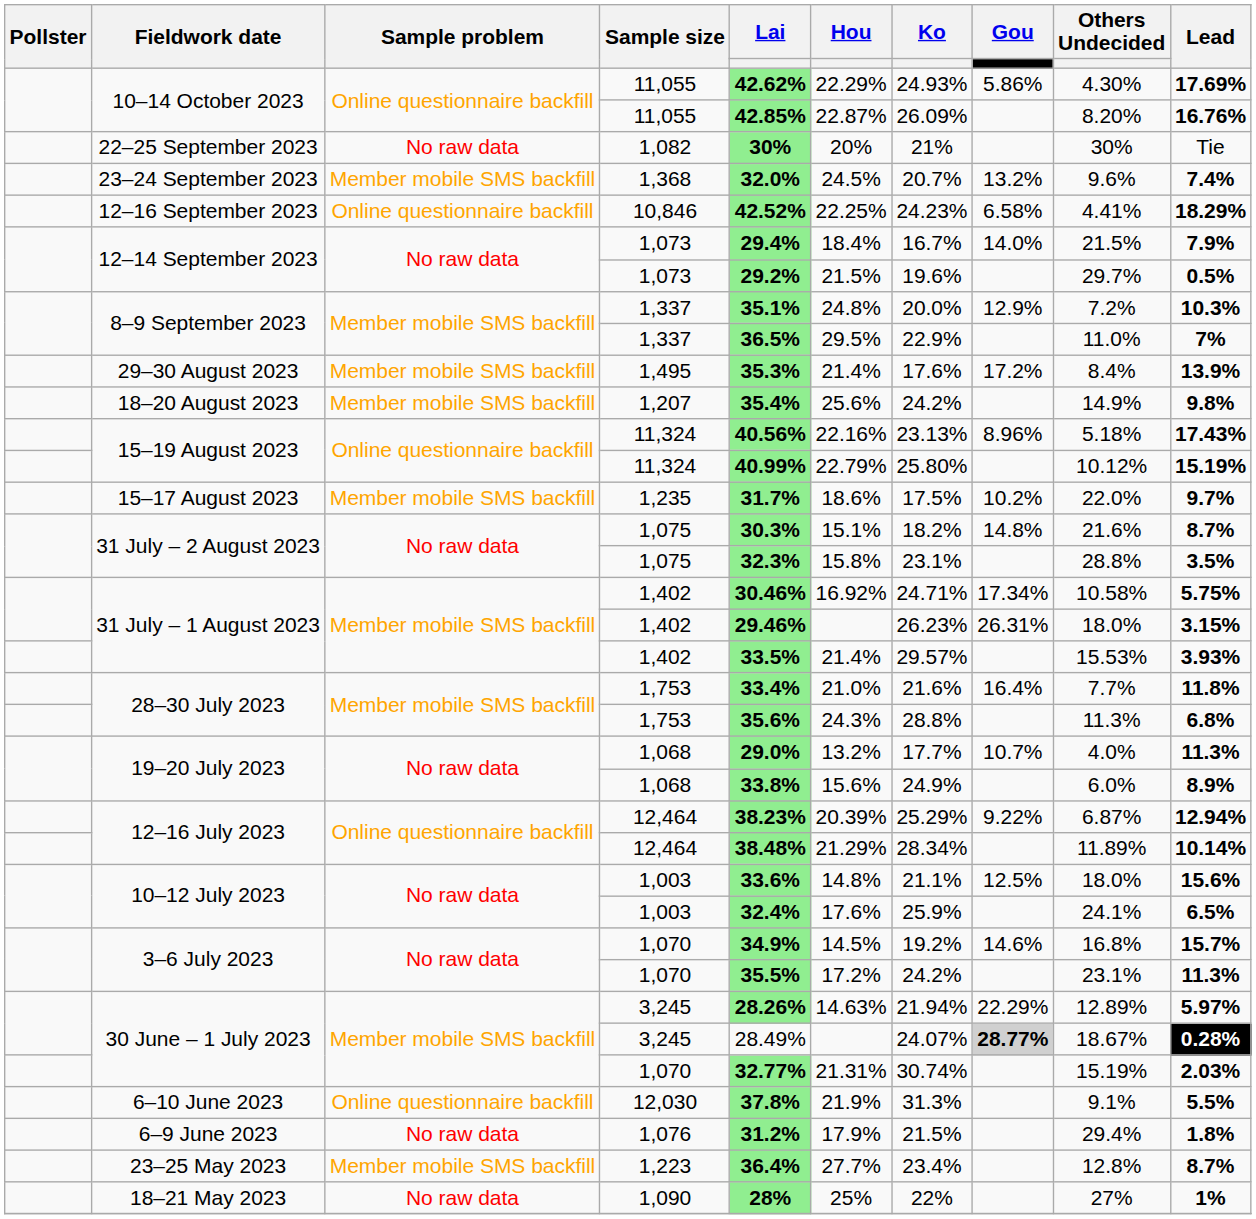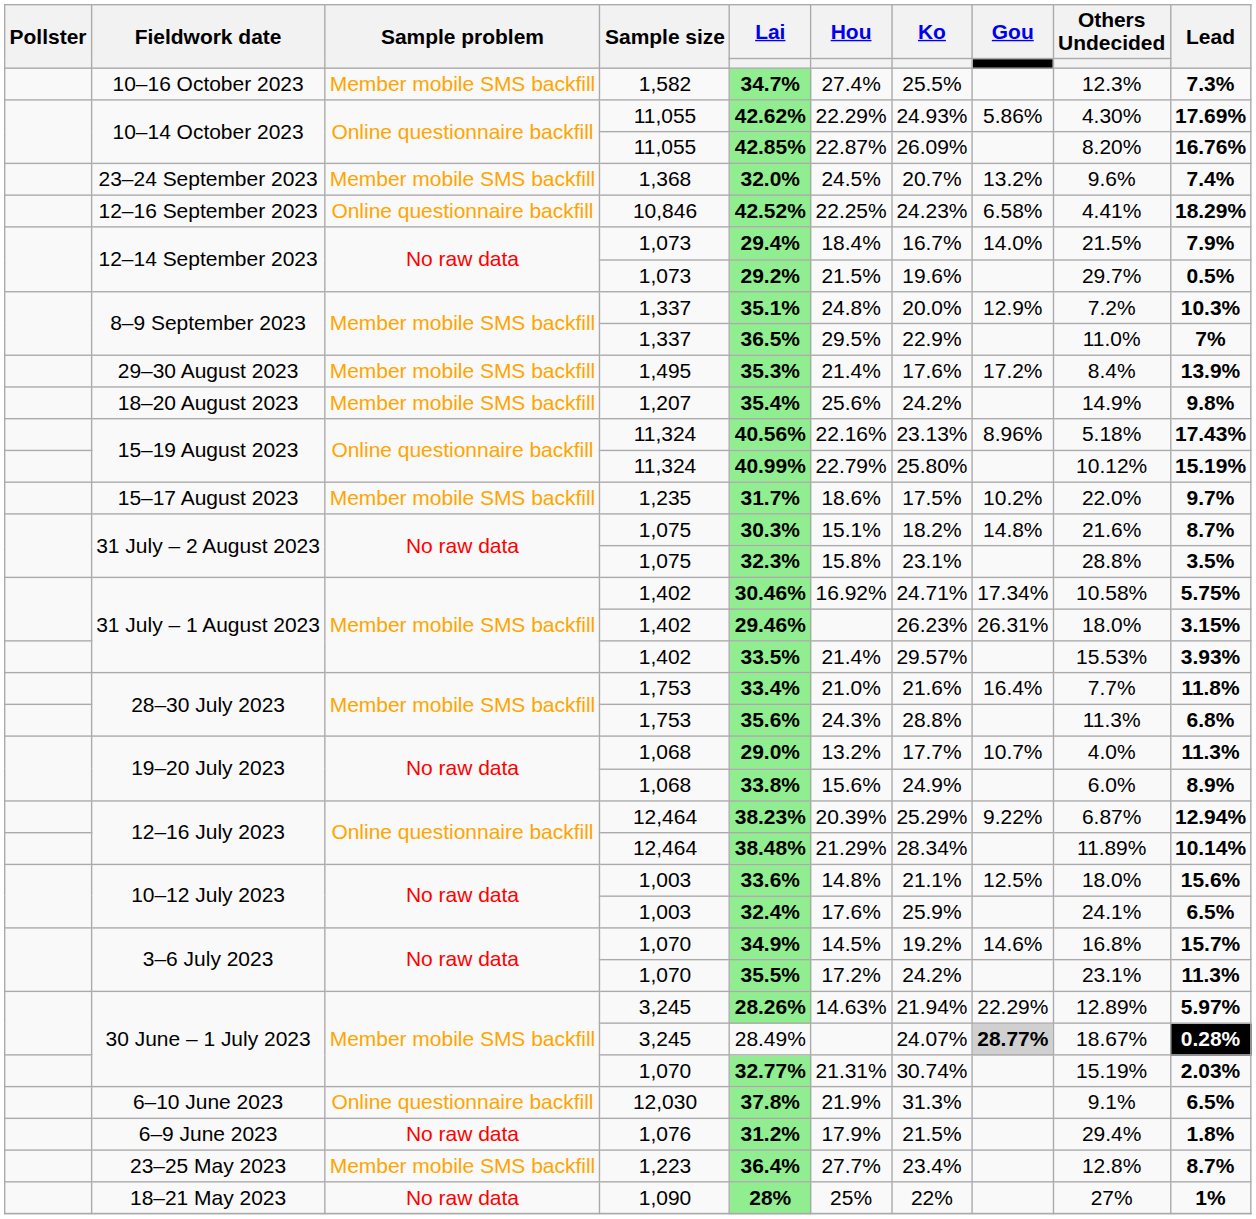 <table class="wikitable" style="text-align:center; font-size:95%; line-height:16px;">
 <tr>
 <th rowspan="2">Pollster</th>
 <th rowspan="2">Fieldwork date</th>
 <th rowspan="2">Sample problem</th>
 <th rowspan="2">Sample size</th>
 <th><a href='#'>Lai</a><br></th>
 <th><a href='#'>Hou</a><br></th>
 <th><a href='#'>Ko</a><br></th>
 <th><a href='#'>Gou</a><br></th>
 <th>Others<br>Undecided</th>
 <th rowspan="2">Lead</th>
 </tr>
 <tr>
 <th style="background:"></th>
 <th style="background:"></th>
 <th style="background:"></th>
 <th style="background:#000000"></th>
 <th style="background:"></th>
 </tr>
 <tr>
+<td></td>
+<td>10–16 October 2023</td>
+<td style="color:orange"align="center">Member mobile SMS backfill</td>
+<td>1,582</td>
+<td style="background:#90ee90;"><strong>34.7%</strong></td>
+<td>27.4%</td>
+<td>25.5%</td>
+<td></td>
+<td>12.3%</td>
+<td style="background:"><strong>7.3%</strong></td>
+</tr>
+<tr>
 <td rowspan="2"></td>
 <td rowspan="2">10–14 October 2023</td>
 <td rowspan="2" style="color:orange"align="center">Online questionnaire backfill</td>
 <td>11,055</td>
 <td style="background:#90ee90;"><strong>42.62%</strong></td>
 <td>22.29%</td>
 <td>24.93%</td>
 <td>5.86%</td>
 <td>4.30%</td>
 <td style="background:"><strong>17.69%</strong></td>
 </tr>
 <tr>
 <td>11,055</td>
 <td style="background:#90ee90;"><strong>42.85%</strong></td>
 <td>22.87%</td>
 <td>26.09%</td>
 <td></td>
 <td>8.20%</td>
 <td style="background:"><strong>16.76%</strong></td>
-</tr>
-<tr>
-<td></td>
-<td>22–25 September 2023</td>
-<td style="color:red"align="center">No raw data</td>
-<td>1,082</td>
-<td style="background:#90ee90;"><strong>30%</strong></td>
-<td>20%</td>
-<td>21%</td>
-<td></td>
-<td>30%</td>
-<td>Tie</td>
 </tr>
 <tr>
 <td></td>
 <td>23–24 September 2023</td>
 <td style="color:orange"align="center">Member mobile SMS backfill</td>
 <td>1,368</td>
 <td style="background:#90ee90;"><strong>32.0%</strong></td>
 <td>24.5%</td>
 <td>20.7%</td>
 <td>13.2%</td>
 <td>9.6%</td>
 <td style="background:"><strong>7.4%</strong></td>
 </tr>
 <tr>
 <td></td>
 <td>12–16 September 2023</td>
 <td style="color:orange"align="center">Online questionnaire backfill</td>
 <td>10,846</td>
 <td style="background:#90ee90;"><strong>42.52%</strong></td>
 <td>22.25%</td>
 <td>24.23%</td>
 <td>6.58%</td>
 <td>4.41%</td>
 <td style="background:"><strong>18.29%</strong></td>
 </tr>
 <tr>
 <td rowspan="2"></td>
 <td rowspan="2">12–14 September 2023</td>
 <td rowspan="2" style="color:red"align="center">No raw data</td>
 <td>1,073</td>
 <td style="background:#90ee90;"><strong>29.4%</strong></td>
 <td>18.4%</td>
 <td>16.7%</td>
 <td>14.0%</td>
 <td>21.5%</td>
 <td style="background:"><strong>7.9%</strong></td>
 </tr>
 <tr>
 <td>1,073</td>
 <td style="background:#90ee90;"><strong>29.2%</strong></td>
 <td>21.5%</td>
 <td>19.6%</td>
 <td></td>
 <td>29.7%</td>
 <td style="background:"><strong>0.5%</strong></td>
 </tr>
 <tr>
 <td rowspan="2"></td>
 <td rowspan="2">8–9 September 2023</td>
 <td rowspan="2" style="color:orange"align="center">Member mobile SMS backfill</td>
 <td>1,337</td>
 <td style="background:#90ee90;"><strong>35.1%</strong></td>
 <td>24.8%</td>
 <td>20.0%</td>
 <td>12.9%</td>
 <td>7.2%</td>
 <td style="background:"><strong>10.3%</strong></td>
 </tr>
 <tr>
 <td>1,337</td>
 <td style="background:#90ee90;"><strong>36.5%</strong></td>
 <td>29.5%</td>
 <td>22.9%</td>
 <td></td>
 <td>11.0%</td>
 <td style="background:"><strong>7%</strong></td>
 </tr>
 <tr>
 <td></td>
 <td>29–30 August 2023</td>
 <td style="color:orange"align="center">Member mobile SMS backfill</td>
 <td>1,495</td>
 <td style="background:#90ee90;"><strong>35.3%</strong></td>
 <td>21.4%</td>
 <td>17.6%</td>
 <td>17.2%</td>
 <td>8.4%</td>
 <td style="background:"><strong>13.9%</strong></td>
 </tr>
 <tr>
 <td></td>
 <td>18–20 August 2023</td>
 <td style="color:orange"align="center">Member mobile SMS backfill</td>
 <td>1,207</td>
 <td style="background:#90ee90;"><strong>35.4%</strong></td>
 <td>25.6%</td>
 <td>24.2%</td>
 <td></td>
 <td>14.9%</td>
 <td style="background:"><strong>9.8%</strong></td>
 </tr>
 <tr>
 <td></td>
 <td rowspan="2">15–19 August 2023</td>
 <td rowspan="2" style="color:orange"align="center">Online questionnaire backfill</td>
 <td>11,324</td>
 <td style="background:#90ee90;"><strong>40.56%</strong></td>
 <td>22.16%</td>
 <td>23.13%</td>
 <td>8.96%</td>
 <td>5.18%</td>
 <td style="background:"><strong>17.43%</strong></td>
 </tr>
 <tr>
 <td></td>
 <td>11,324</td>
 <td style="background:#90ee90;"><strong>40.99%</strong></td>
 <td>22.79%</td>
 <td>25.80%</td>
 <td></td>
 <td>10.12%</td>
 <td style="background:"><strong>15.19%</strong></td>
 </tr>
 <tr>
 <td></td>
 <td>15–17 August 2023</td>
 <td style="color:orange"align="center">Member mobile SMS backfill</td>
 <td>1,235</td>
 <td style="background:#90ee90;"><strong>31.7%</strong></td>
 <td>18.6%</td>
 <td>17.5%</td>
 <td>10.2%</td>
 <td>22.0%</td>
 <td style="background:"><strong>9.7%</strong></td>
 </tr>
 <tr>
 <td rowspan="2"></td>
 <td rowspan="2">31 July – 2 August 2023</td>
 <td rowspan="2" style="color:red"align="center">No raw data</td>
 <td>1,075</td>
 <td style="background:#90ee90;"><strong>30.3%</strong></td>
 <td>15.1%</td>
 <td>18.2%</td>
 <td>14.8%</td>
 <td>21.6%</td>
 <td style="background:"><strong>8.7%</strong></td>
 </tr>
 <tr>
 <td>1,075</td>
 <td style="background:#90ee90;"><strong>32.3%</strong></td>
 <td>15.8%</td>
 <td>23.1%</td>
 <td></td>
 <td>28.8%</td>
 <td style="background:"><strong>3.5%</strong></td>
 </tr>
 <tr>
 <td rowspan="2"></td>
 <td rowspan="3">31 July – 1 August 2023</td>
 <td rowspan="3" style="color:orange"align="center">Member mobile SMS backfill</td>
 <td>1,402</td>
 <td style="background:#90ee90;"><strong>30.46%</strong></td>
 <td>16.92%</td>
 <td>24.71%</td>
 <td>17.34%</td>
 <td>10.58%</td>
 <td style="background:"><strong>5.75%</strong></td>
 </tr>
 <tr>
 <td>1,402</td>
 <td style="background:#90ee90;"><strong>29.46%</strong></td>
 <td></td>
 <td>26.23%</td>
 <td>26.31%</td>
 <td>18.0%</td>
 <td style="background:"><strong>3.15%</strong></td>
 </tr>
 <tr>
 <td></td>
 <td>1,402</td>
 <td style="background:#90ee90;"><strong>33.5%</strong></td>
 <td>21.4%</td>
 <td>29.57%</td>
 <td></td>
 <td>15.53%</td>
 <td style="background:"><strong>3.93%</strong></td>
 </tr>
 <tr>
 <td></td>
 <td rowspan="2">28–30 July 2023</td>
 <td rowspan="2" style="color:orange"align="center">Member mobile SMS backfill</td>
 <td>1,753</td>
 <td style="background:#90ee90;"><strong>33.4%</strong></td>
 <td>21.0%</td>
 <td>21.6%</td>
 <td>16.4%</td>
 <td>7.7%</td>
 <td style="background:"><strong>11.8%</strong></td>
 </tr>
 <tr>
 <td></td>
 <td>1,753</td>
 <td style="background:#90ee90;"><strong>35.6%</strong></td>
 <td>24.3%</td>
 <td>28.8%</td>
 <td></td>
 <td>11.3%</td>
 <td style="background:"><strong>6.8%</strong></td>
 </tr>
 <tr>
 <td rowspan="2"></td>
 <td rowspan="2">19–20 July 2023</td>
 <td rowspan="2" style="color:red"align="center">No raw data</td>
 <td>1,068</td>
 <td style="background:#90ee90;"><strong>29.0%</strong></td>
 <td>13.2%</td>
 <td>17.7%</td>
 <td>10.7%</td>
 <td>4.0%</td>
 <td style="background:"><strong>11.3%</strong></td>
 </tr>
 <tr>
 <td>1,068</td>
 <td style="background:#90ee90;"><strong>33.8%</strong></td>
 <td>15.6%</td>
 <td>24.9%</td>
 <td></td>
 <td>6.0%</td>
 <td style="background:"><strong>8.9%</strong></td>
 </tr>
 <tr>
 <td></td>
 <td rowspan="2">12–16 July 2023</td>
 <td rowspan="2" style="color:orange"align="center">Online questionnaire backfill</td>
 <td>12,464</td>
 <td style="background:#90ee90;"><strong>38.23%</strong></td>
 <td>20.39%</td>
 <td>25.29%</td>
 <td>9.22%</td>
 <td>6.87%</td>
 <td style="background:"><strong>12.94%</strong></td>
 </tr>
 <tr>
 <td></td>
 <td>12,464</td>
 <td style="background:#90ee90;"><strong>38.48%</strong></td>
 <td>21.29%</td>
 <td>28.34%</td>
 <td></td>
 <td>11.89%</td>
 <td style="background:"><strong>10.14%</strong></td>
 </tr>
 <tr>
 <td rowspan="2"></td>
 <td rowspan="2">10–12 July 2023</td>
 <td rowspan="2" style="color:red"align="center">No raw data</td>
 <td>1,003</td>
 <td style="background:#90ee90;"><strong>33.6%</strong></td>
 <td>14.8%</td>
 <td>21.1%</td>
 <td>12.5%</td>
 <td>18.0%</td>
 <td style="background:"><strong>15.6%</strong></td>
 </tr>
 <tr>
 <td>1,003</td>
 <td style="background:#90ee90;"><strong>32.4%</strong></td>
 <td>17.6%</td>
 <td>25.9%</td>
 <td></td>
 <td>24.1%</td>
 <td style="background:"><strong>6.5%</strong></td>
 </tr>
 <tr>
 <td rowspan="2"></td>
 <td rowspan="2">3–6 July 2023</td>
 <td rowspan="2" style="color:red"align="center">No raw data</td>
 <td>1,070</td>
 <td style="background:#90ee90;"><strong>34.9%</strong></td>
 <td>14.5%</td>
 <td>19.2%</td>
 <td>14.6%</td>
 <td>16.8%</td>
 <td style="background:"><strong>15.7%</strong></td>
 </tr>
 <tr>
 <td>1,070</td>
 <td style="background:#90ee90;"><strong>35.5%</strong></td>
 <td>17.2%</td>
 <td>24.2%</td>
 <td></td>
 <td>23.1%</td>
 <td style="background:"><strong>11.3%</strong></td>
 </tr>
 <tr>
 <td rowspan="2"></td>
 <td rowspan="3">30 June – 1 July 2023</td>
 <td rowspan="3" style="color:orange"align="center">Member mobile SMS backfill</td>
 <td>3,245</td>
 <td style="background:#90ee90;"><strong>28.26%</strong></td>
 <td>14.63%</td>
 <td>21.94%</td>
 <td>22.29%</td>
 <td>12.89%</td>
 <td style="background:"><strong>5.97%</strong></td>
 </tr>
 <tr>
 <td>3,245</td>
 <td>28.49%</td>
 <td></td>
 <td>24.07%</td>
 <td style="background:#D0D0D0;"><strong>28.77%</strong></td>
 <td>18.67%</td>
 <td style="background:#000000; color:white"><strong>0.28%</strong></td>
 </tr>
 <tr>
 <td></td>
 <td>1,070</td>
 <td style="background:#90ee90;"><strong>32.77%</strong></td>
 <td>21.31%</td>
 <td>30.74%</td>
 <td></td>
 <td>15.19%</td>
 <td style="background:"><strong>2.03%</strong></td>
 </tr>
 <tr>
 <td></td>
 <td>6–10 June 2023</td>
 <td style="color:orange"align="center">Online questionnaire backfill</td>
 <td>12,030</td>
 <td style="background:#90ee90;"><strong>37.8%</strong></td>
 <td>21.9%</td>
 <td>31.3%</td>
 <td></td>
 <td>9.1%</td>
-<td style="background:"><strong>5.5%</strong></td>
+<td style="background:"><strong>6.5%</strong></td>
 </tr>
 <tr>
 <td></td>
 <td>6–9 June 2023</td>
 <td style="color:red"align="center">No raw data</td>
 <td>1,076</td>
 <td style="background:#90ee90;"><strong>31.2%</strong></td>
 <td>17.9%</td>
 <td>21.5%</td>
 <td></td>
 <td>29.4%</td>
 <td style="background:"><strong>1.8%</strong></td>
 </tr>
 <tr>
 <td></td>
 <td>23–25 May 2023</td>
 <td style="color:orange"align="center">Member mobile SMS backfill</td>
 <td>1,223</td>
 <td style="background:#90ee90;"><strong>36.4%</strong></td>
 <td>27.7%</td>
 <td>23.4%</td>
 <td></td>
 <td>12.8%</td>
 <td style="background:"><strong>8.7%</strong></td>
 </tr>
 <tr>
 <td></td>
 <td>18–21 May 2023</td>
 <td style="color:red"align="center">No raw data</td>
 <td>1,090</td>
 <td style="background:#90ee90;"><strong>28%</strong></td>
 <td>25%</td>
 <td>22%</td>
 <td></td>
 <td>27%</td>
 <td style="background:"><strong>1%</strong></td>
 </tr>
 <tr>
 </tr>
 </table>
